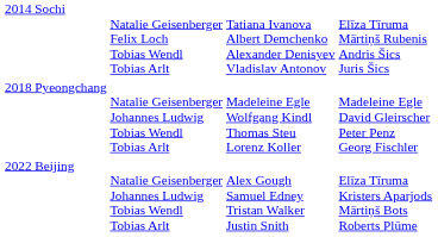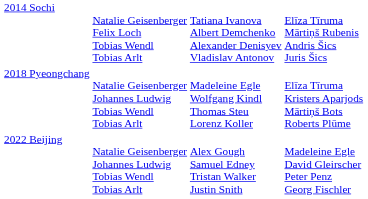 <table>
 <tr valign="top">
 <td><a href='#'>2014 Sochi</a><br></td>
 <td><br><a href='#'>Natalie Geisenberger</a><br><a href='#'>Felix Loch</a><br><a href='#'>Tobias Wendl</a><br><a href='#'>Tobias Arlt</a></td>
 <td><br><a href='#'>Tatiana Ivanova</a><br><a href='#'>Albert Demchenko</a><br><a href='#'>Alexander Denisyev</a><br><a href='#'>Vladislav Antonov</a></td>
 <td><br><a href='#'>Elīza Tīruma</a><br><a href='#'>Mārtiņš Rubenis</a><br><a href='#'>Andris Šics</a><br><a href='#'>Juris Šics</a></td>
 </tr>
 <tr valign="top">
 <td><a href='#'>2018 Pyeongchang</a><br></td>
 <td><br><a href='#'>Natalie Geisenberger</a><br><a href='#'>Johannes Ludwig</a><br><a href='#'>Tobias Wendl</a><br><a href='#'>Tobias Arlt</a></td>
 <td><br><a href='#'>Madeleine Egle</a><br><a href='#'>Wolfgang Kindl</a><br><a href='#'>Thomas Steu</a><br><a href='#'>Lorenz Koller</a></td>
-<td><br><a href='#'>Madeleine Egle</a><br><a href='#'>David Gleirscher</a><br><a href='#'>Peter Penz</a><br><a href='#'>Georg Fischler</a></td>
+<td><br><a href='#'>Elīza Tīruma</a><br><a href='#'>Kristers Aparjods</a><br><a href='#'>Mārtiņš Bots</a><br><a href='#'>Roberts Plūme</a></td>
 </tr>
 <tr valign="top">
 <td><a href='#'>2022 Beijing</a> <br></td>
 <td><br><a href='#'>Natalie Geisenberger</a><br><a href='#'>Johannes Ludwig</a><br><a href='#'>Tobias Wendl</a><br><a href='#'>Tobias Arlt</a></td>
 <td><br><a href='#'>Alex Gough</a><br><a href='#'>Samuel Edney</a><br><a href='#'>Tristan Walker</a><br><a href='#'>Justin Snith</a></td>
-<td><br><a href='#'>Elīza Tīruma</a><br><a href='#'>Kristers Aparjods</a><br><a href='#'>Mārtiņš Bots</a><br><a href='#'>Roberts Plūme</a></td>
+<td><br><a href='#'>Madeleine Egle</a><br><a href='#'>David Gleirscher</a><br><a href='#'>Peter Penz</a><br><a href='#'>Georg Fischler</a></td>
 </tr>
 <tr valign="top">
 </tr>
 <tr>
 </tr>
 </table>
